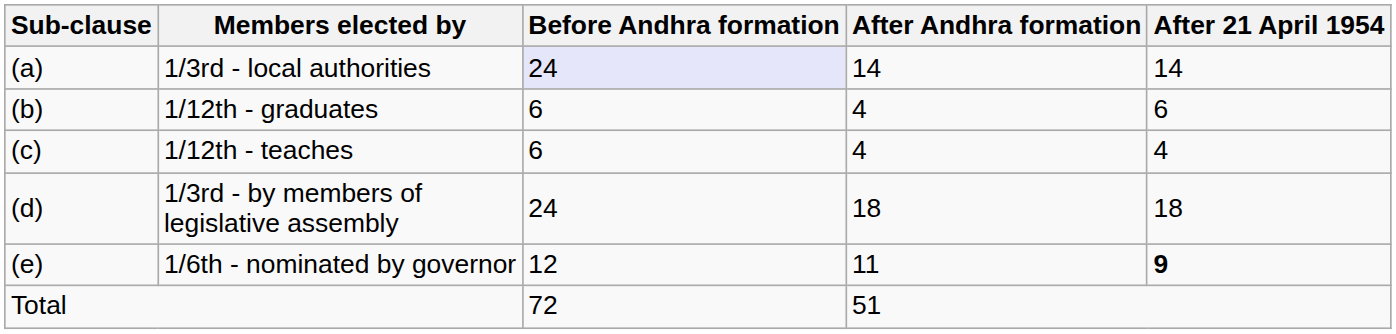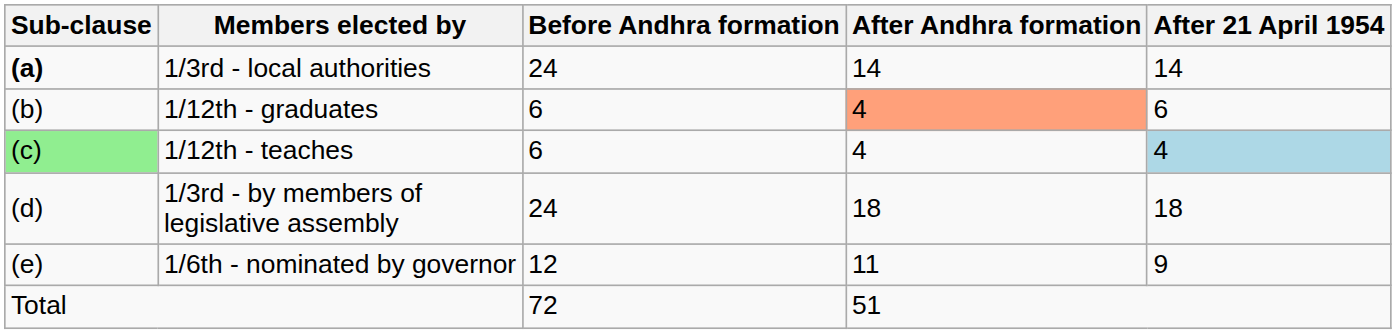 <table class="wikitable">
 <tr>
 <th>Sub-clause</th>
 <th>Members elected by</th>
 <th>Before Andhra formation</th>
 <th>After Andhra formation</th>
 <th>After  21 April 1954</th>
 </tr>
 <tr>
-<td>(a)</td>
+<td><strong>(a)</strong></td>
 <td>1/3rd - local authorities</td>
-<td style="background: lavender;">24</td>
+<td>24</td>
 <td>14</td>
 <td>14</td>
 </tr>
 <tr>
 <td>(b)</td>
 <td>1/12th - graduates</td>
 <td>6</td>
-<td>4</td>
+<td style="background: lightsalmon;">4</td>
 <td>6</td>
 </tr>
 <tr>
-<td>(c)</td>
+<td style="background: lightgreen;">(c)</td>
 <td>1/12th - teaches</td>
 <td>6</td>
 <td>4</td>
-<td>4</td>
+<td style="background: lightblue;">4</td>
 </tr>
 <tr>
 <td>(d)</td>
 <td>1/3rd - by members of<br>legislative assembly</td>
 <td>24</td>
 <td>18</td>
 <td>18</td>
 </tr>
 <tr>
 <td>(e)</td>
 <td>1/6th - nominated by governor</td>
 <td>12</td>
 <td>11</td>
-<td><strong>9</strong></td>
+<td>9</td>
 </tr>
 <tr>
 <td colspan="2">Total</td>
 <td>72</td>
 <td colspan="2">51</td>
 </tr>
 </table>
